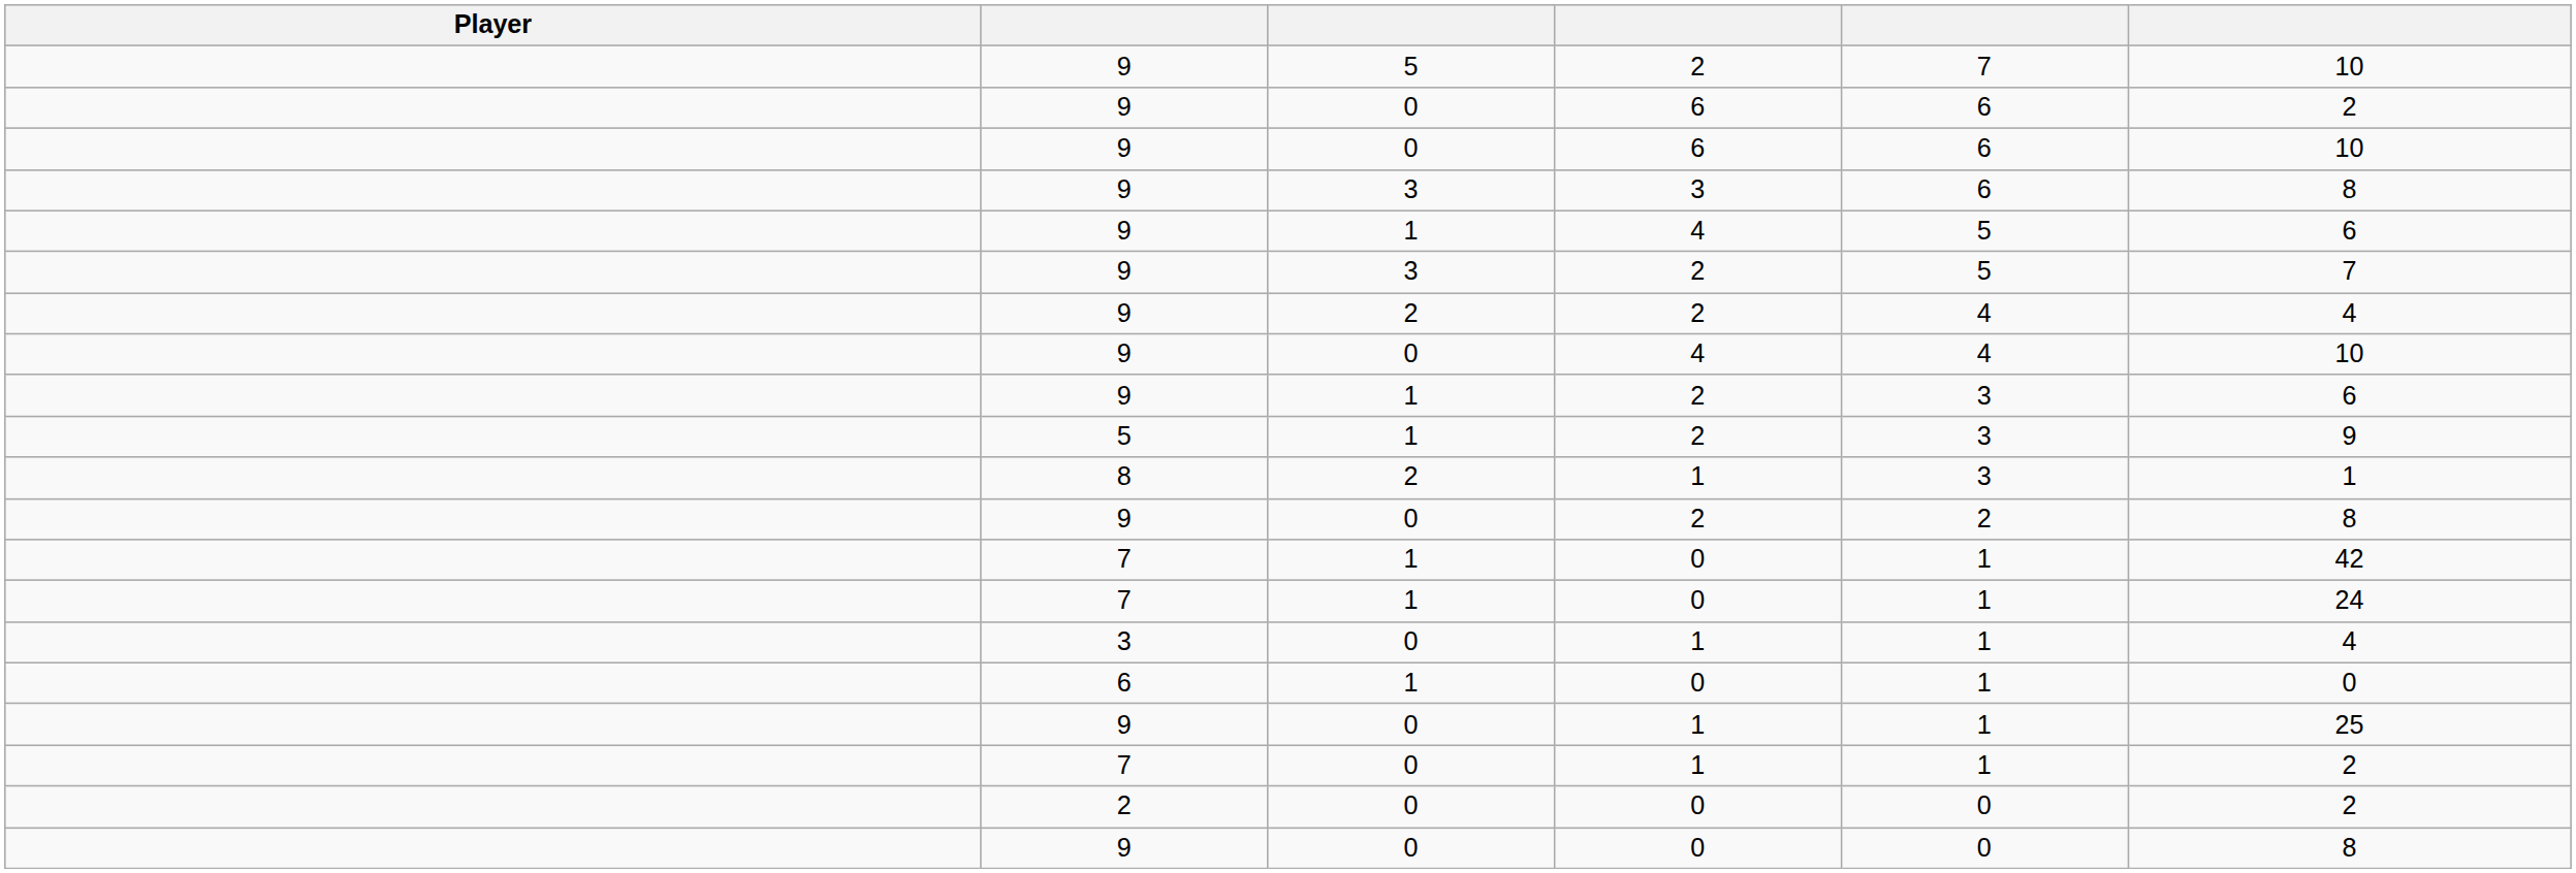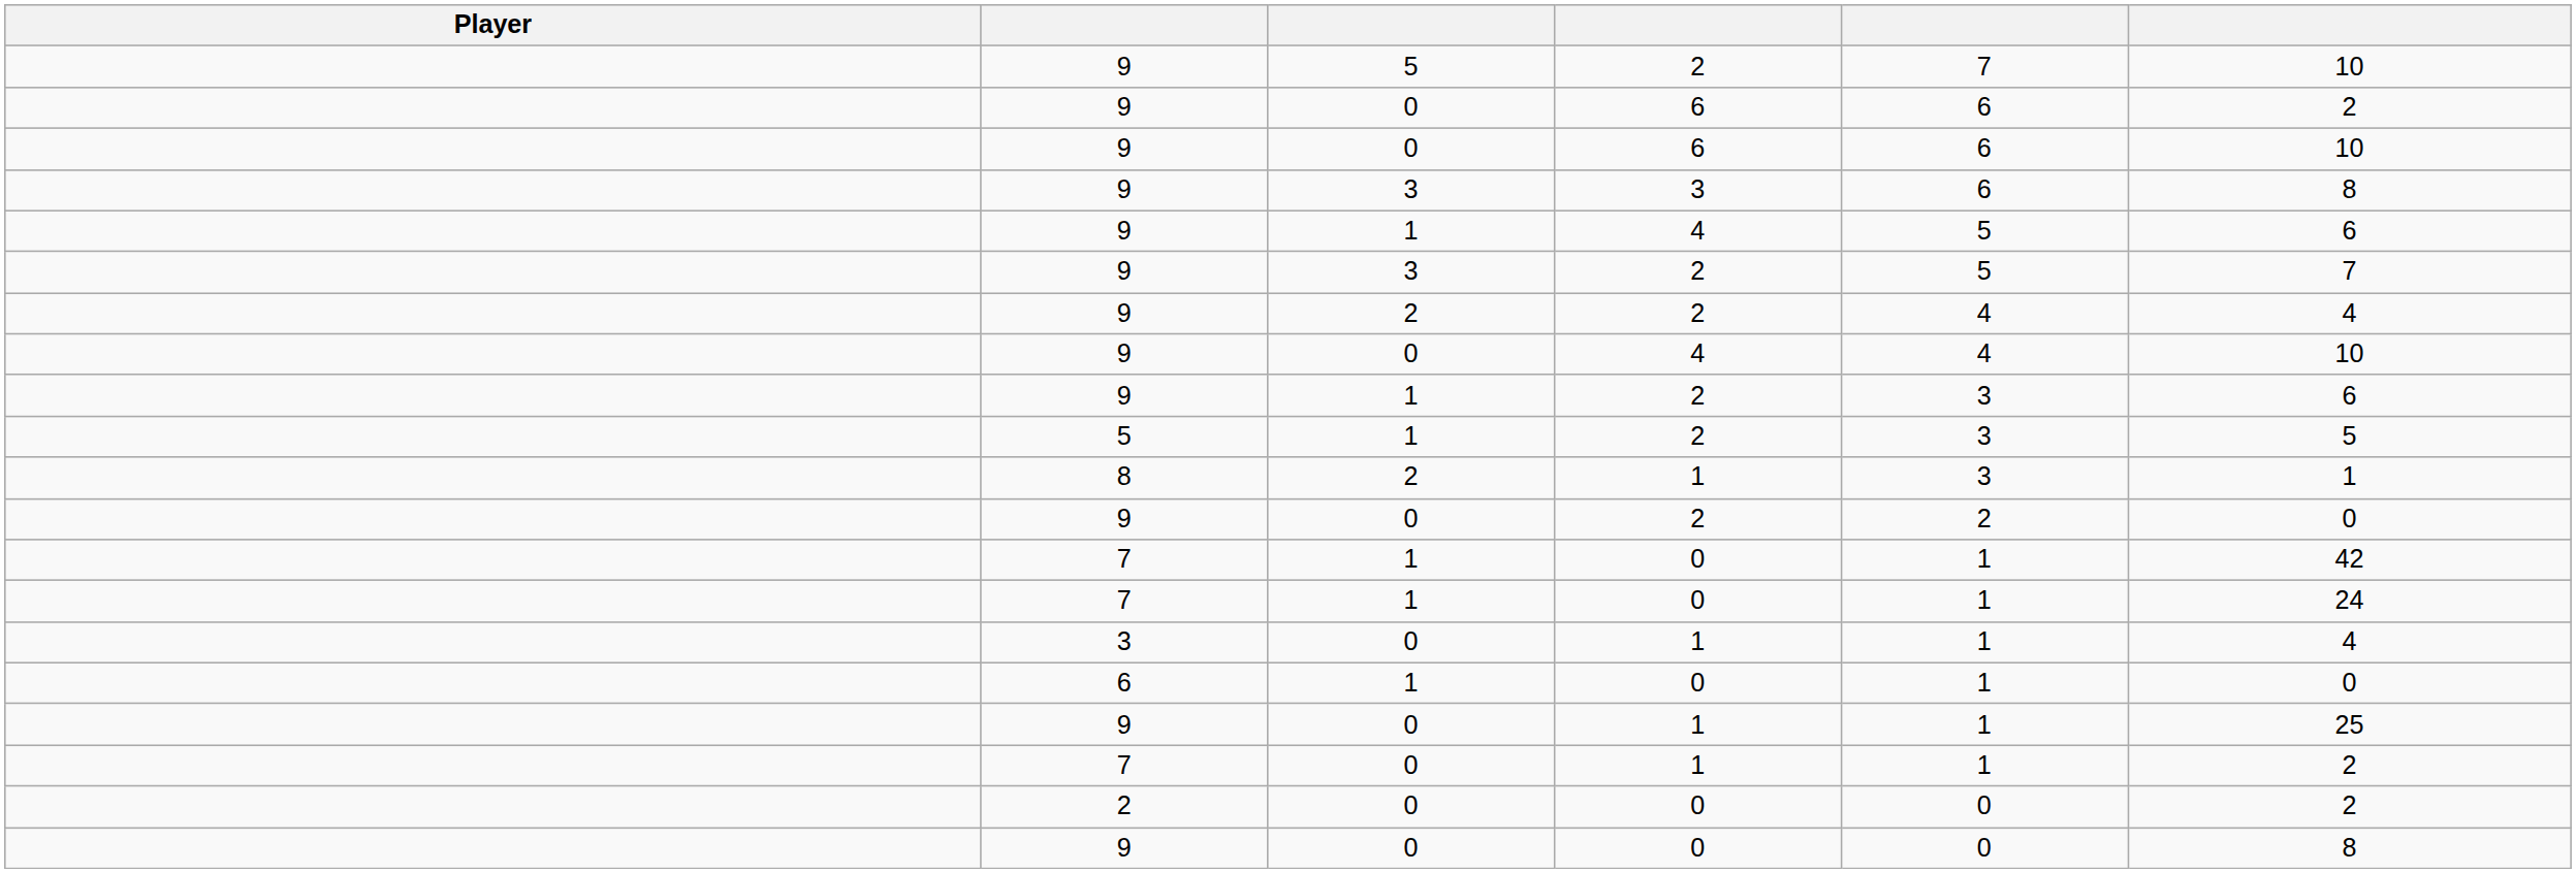 <table class="wikitable sortable" style="width:100%;">
 <tr align=center>
 <th>Player</th>
 <th></th>
 <th></th>
 <th></th>
 <th></th>
 <th></th>
 </tr>
 <tr align=center>
 <td></td>
 <td>9</td>
 <td>5</td>
 <td>2</td>
 <td>7</td>
 <td>10</td>
 </tr>
 <tr align=center>
 <td></td>
 <td>9</td>
 <td>0</td>
 <td>6</td>
 <td>6</td>
 <td>2</td>
 </tr>
 <tr align=center>
 <td></td>
 <td>9</td>
 <td>0</td>
 <td>6</td>
 <td>6</td>
 <td>10</td>
 </tr>
 <tr align=center>
 <td></td>
 <td>9</td>
 <td>3</td>
 <td>3</td>
 <td>6</td>
 <td>8</td>
 </tr>
 <tr align=center>
 <td></td>
 <td>9</td>
 <td>1</td>
 <td>4</td>
 <td>5</td>
 <td>6</td>
 </tr>
 <tr align=center>
 <td></td>
 <td>9</td>
 <td>3</td>
 <td>2</td>
 <td>5</td>
 <td>7</td>
 </tr>
 <tr align=center>
 <td></td>
 <td>9</td>
 <td>2</td>
 <td>2</td>
 <td>4</td>
 <td>4</td>
 </tr>
 <tr align=center>
 <td></td>
 <td>9</td>
 <td>0</td>
 <td>4</td>
 <td>4</td>
 <td>10</td>
 </tr>
 <tr align=center>
 <td></td>
 <td>9</td>
 <td>1</td>
 <td>2</td>
 <td>3</td>
 <td>6</td>
 </tr>
 <tr align=center>
 <td></td>
 <td>5</td>
 <td>1</td>
 <td>2</td>
 <td>3</td>
-<td>9</td>
+<td>5</td>
 </tr>
 <tr align=center>
 <td></td>
 <td>8</td>
 <td>2</td>
 <td>1</td>
 <td>3</td>
 <td>1</td>
 </tr>
 <tr align=center>
 <td></td>
 <td>9</td>
 <td>0</td>
 <td>2</td>
 <td>2</td>
-<td>8</td>
+<td>0</td>
 </tr>
 <tr align=center>
 <td></td>
 <td>7</td>
 <td>1</td>
 <td>0</td>
 <td>1</td>
 <td>42</td>
 </tr>
 <tr align=center>
 <td></td>
 <td>7</td>
 <td>1</td>
 <td>0</td>
 <td>1</td>
 <td>24</td>
 </tr>
 <tr align=center>
 <td></td>
 <td>3</td>
 <td>0</td>
 <td>1</td>
 <td>1</td>
 <td>4</td>
 </tr>
 <tr align=center>
 <td></td>
 <td>6</td>
 <td>1</td>
 <td>0</td>
 <td>1</td>
 <td>0</td>
 </tr>
 <tr align=center>
 <td></td>
 <td>9</td>
 <td>0</td>
 <td>1</td>
 <td>1</td>
 <td>25</td>
 </tr>
 <tr align=center>
 <td></td>
 <td>7</td>
 <td>0</td>
 <td>1</td>
 <td>1</td>
 <td>2</td>
 </tr>
 <tr align=center>
 <td></td>
 <td>2</td>
 <td>0</td>
 <td>0</td>
 <td>0</td>
 <td>2</td>
 </tr>
 <tr align=center>
 <td></td>
 <td>9</td>
 <td>0</td>
 <td>0</td>
 <td>0</td>
 <td>8</td>
 </tr>
 </table>
